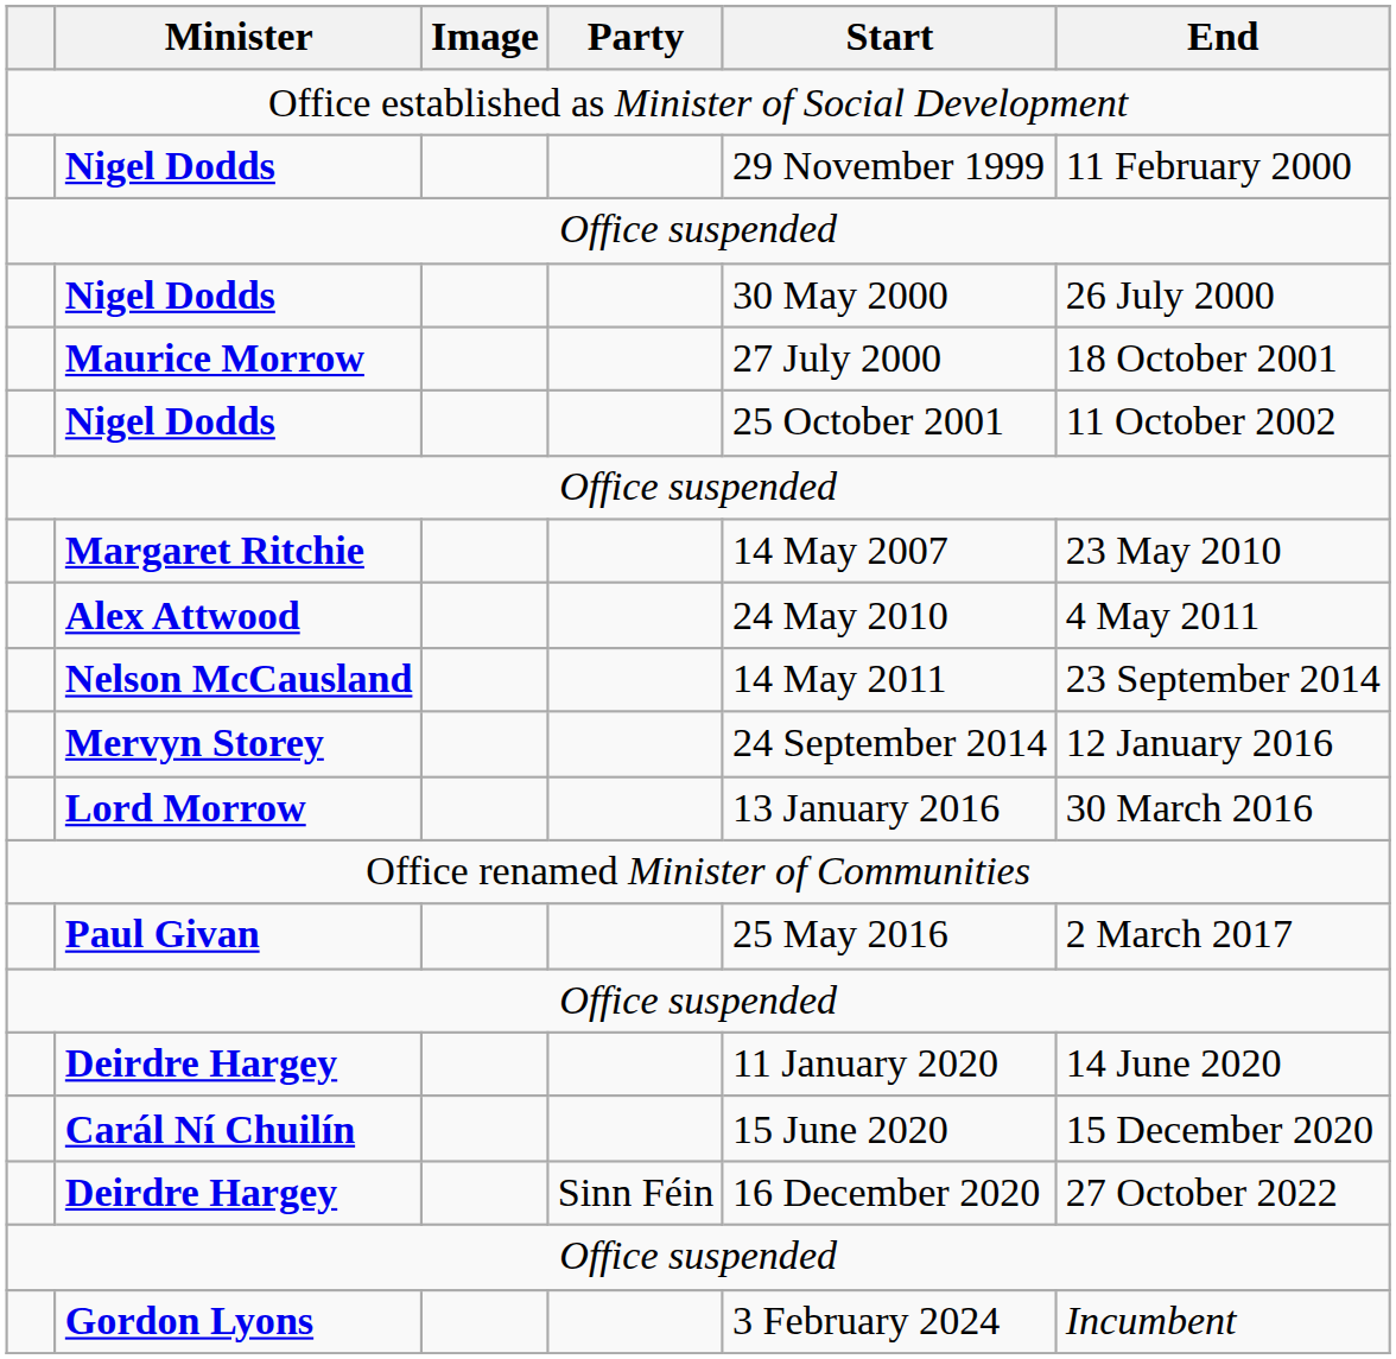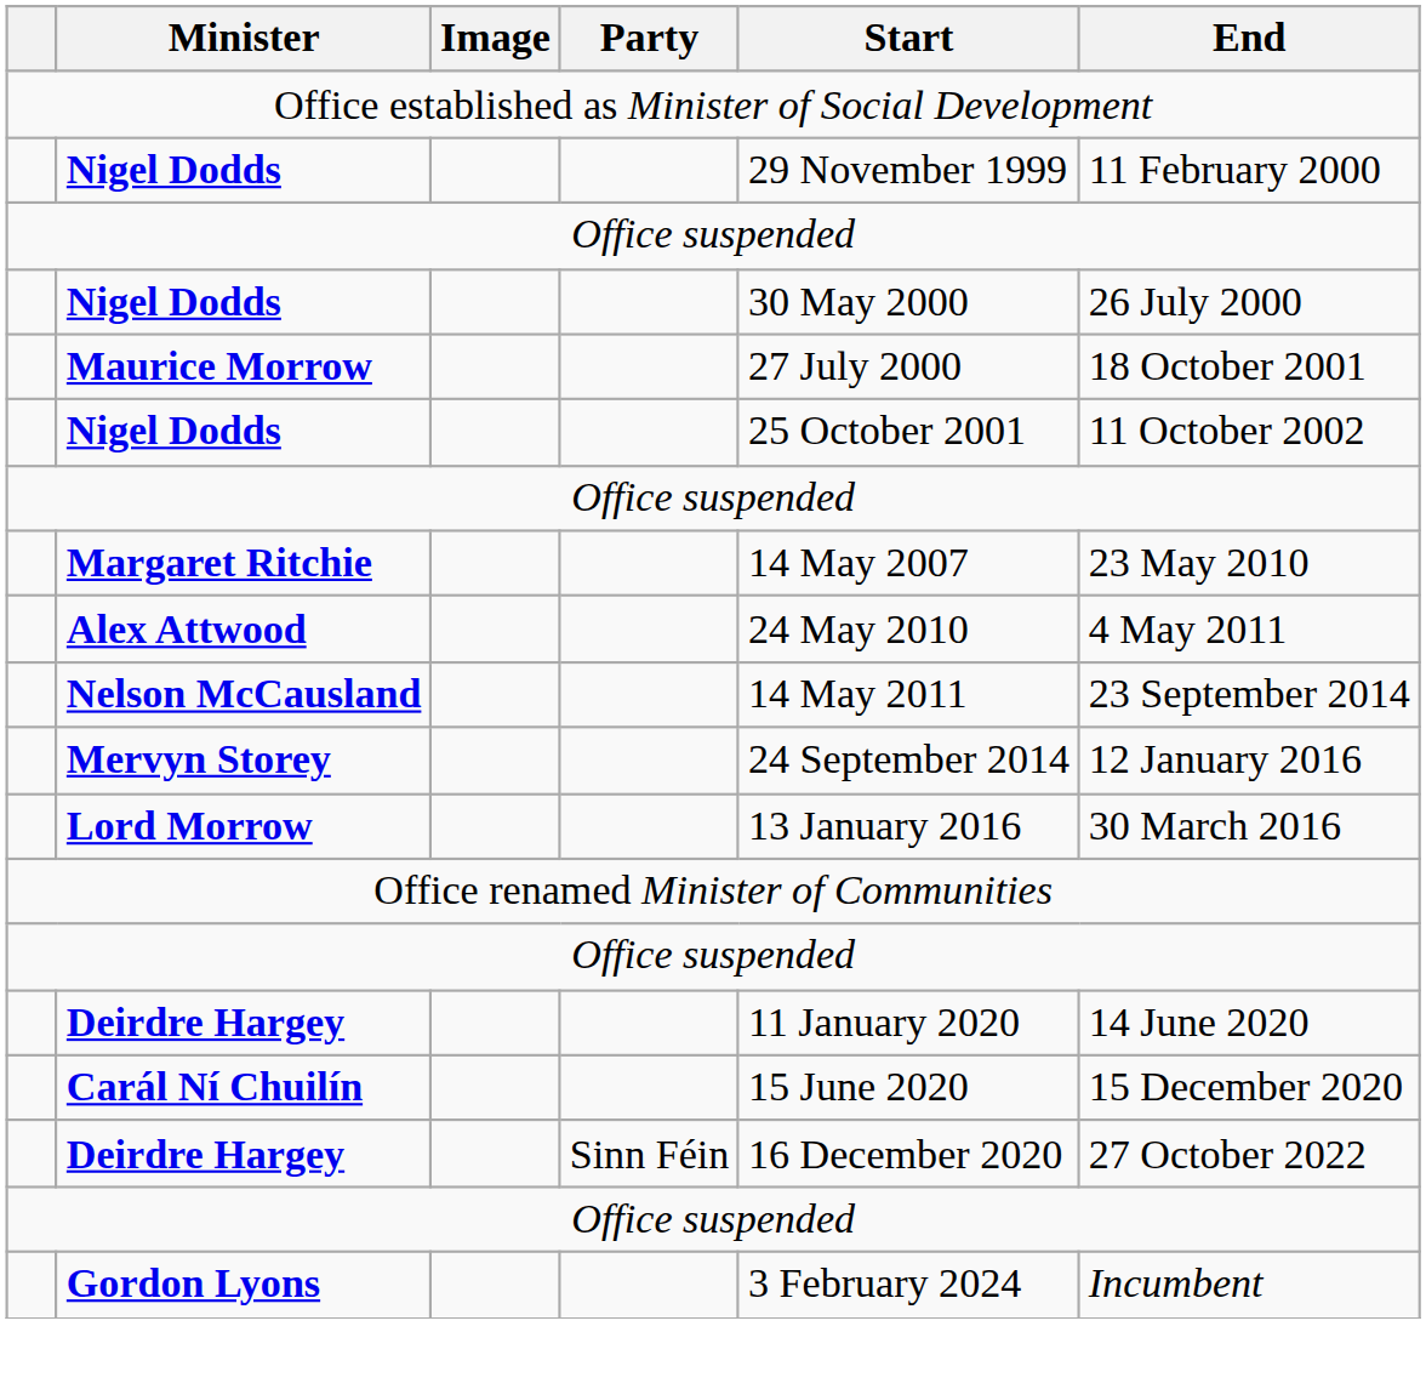 <table class="wikitable" style="margin: 1em auto 1em auto">
 <tr style="background:#ccc;">
 <th></th>
 <th>Minister</th>
 <th>Image</th>
 <th>Party</th>
 <th>Start</th>
 <th>End</th>
 </tr>
 <tr>
 <td colspan="6" align="center">Office established as <em>Minister of Social Development</em></td>
 </tr>
 <tr>
 <td style="background:">   </td>
 <td><strong><a href='#'>Nigel Dodds</a></strong></td>
 <td></td>
 <td></td>
 <td>29 November 1999</td>
 <td>11 February 2000</td>
 </tr>
 <tr>
 <td colspan="6" style="text-align:center;"><em>Office suspended</em></td>
 </tr>
 <tr>
 <td style="background:">   </td>
 <td><strong><a href='#'>Nigel Dodds</a></strong></td>
 <td></td>
 <td></td>
 <td>30 May 2000</td>
 <td>26 July 2000</td>
 </tr>
 <tr>
 <td style="background:">   </td>
 <td><strong><a href='#'>Maurice Morrow</a></strong></td>
 <td></td>
 <td></td>
 <td>27 July 2000</td>
 <td>18 October 2001</td>
 </tr>
 <tr>
 <td style="background:">   </td>
 <td><strong><a href='#'>Nigel Dodds</a></strong></td>
 <td></td>
 <td></td>
 <td>25 October 2001</td>
 <td>11 October 2002</td>
 </tr>
 <tr>
 <td colspan="6" style="text-align:center;"><em>Office suspended</em></td>
 </tr>
 <tr>
 <td style="background:">   </td>
 <td><strong><a href='#'>Margaret Ritchie</a></strong></td>
 <td></td>
 <td></td>
 <td>14 May 2007</td>
 <td>23 May 2010</td>
 </tr>
 <tr>
 <td style="background:">   </td>
 <td><strong><a href='#'>Alex Attwood</a></strong></td>
 <td></td>
 <td></td>
 <td>24 May 2010</td>
 <td>4 May 2011</td>
 </tr>
 <tr>
 <td style="background:">   </td>
 <td><strong><a href='#'>Nelson McCausland</a></strong></td>
 <td></td>
 <td></td>
 <td>14 May 2011</td>
 <td>23 September 2014</td>
 </tr>
 <tr>
 <td style="background:">   </td>
 <td><strong><a href='#'>Mervyn Storey</a></strong></td>
 <td></td>
 <td></td>
 <td>24 September 2014</td>
 <td>12 January 2016</td>
 </tr>
 <tr>
 <td style="background:">   </td>
 <td><strong><a href='#'>Lord Morrow</a></strong></td>
 <td></td>
 <td></td>
 <td>13 January 2016</td>
 <td>30 March 2016</td>
 </tr>
 <tr>
 <td colspan="6" align="center">Office renamed <em>Minister of Communities</em></td>
 </tr>
 <tr>
-<td style="background:">   </td>
-<td><strong><a href='#'>Paul Givan</a></strong></td>
-<td></td>
-<td></td>
-<td>25 May 2016</td>
-<td>2 March 2017</td>
-</tr>
-<tr>
 <td colspan="6" align="center"><em>Office suspended</em></td>
 </tr>
 <tr>
 <td style="background:">   </td>
 <td><strong><a href='#'>Deirdre Hargey</a></strong></td>
 <td></td>
 <td></td>
 <td>11 January 2020</td>
 <td>14 June 2020</td>
 </tr>
 <tr>
 <td style="background:">   </td>
 <td><strong><a href='#'>Carál Ní Chuilín</a></strong></td>
 <td></td>
 <td></td>
 <td>15 June 2020</td>
 <td>15 December 2020</td>
 </tr>
 <tr>
 <td style="background:">   </td>
 <td><strong><a href='#'>Deirdre Hargey</a></strong></td>
 <td></td>
 <td>Sinn Féin</td>
 <td>16 December 2020</td>
 <td>27 October 2022</td>
 </tr>
 <tr>
 <td colspan="6" align="center"><em>Office suspended</em></td>
 </tr>
 <tr>
 <td style="background:">   </td>
 <td><strong><a href='#'>Gordon Lyons</a></strong></td>
 <td></td>
 <td></td>
 <td>3 February 2024</td>
 <td><em>Incumbent</em></td>
 </tr>
 <tr>
 </tr>
 </table>
